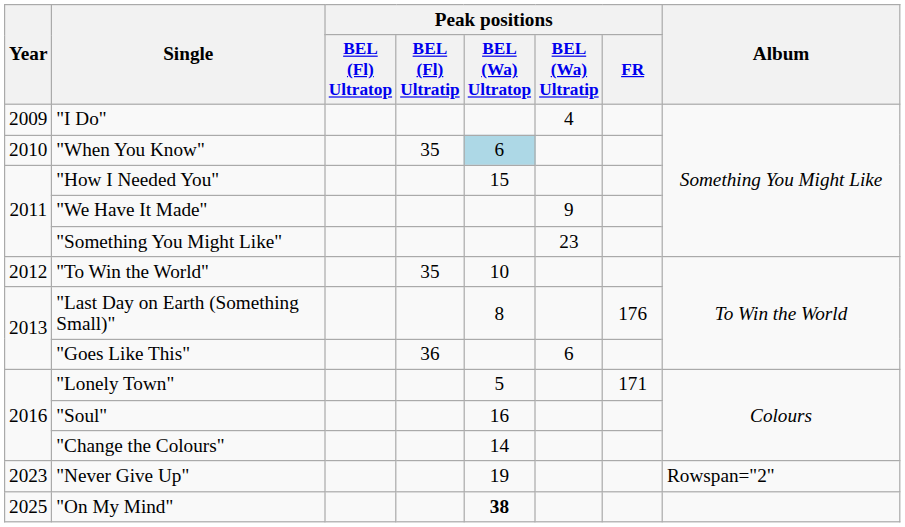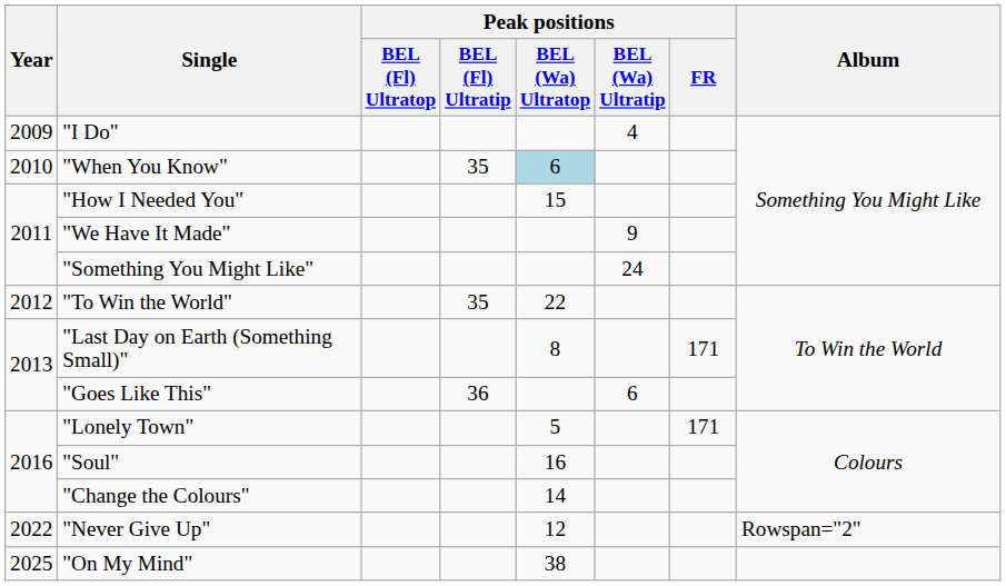 <table class="wikitable">
 <tr>
 <th align="center" rowspan="2" width="10">Year</th>
 <th align="center" rowspan="2" width="220">Single</th>
 <th align="center" colspan="5" width="30">Peak positions</th>
 <th align="center" rowspan="2" width="190">Album</th>
 </tr>
 <tr>
 <th scope="col" style="width:3em;font-size:90%;"><a href='#'>BEL <br>(Fl) <br> Ultratop</a><br></th>
 <th scope="col" style="width:3em;font-size:90%;"><a href='#'>BEL <br>(Fl) <br> Ultratip</a><br></th>
 <th scope="col" style="width:3em;font-size:90%;"><a href='#'>BEL <br>(Wa) <br> Ultratop</a><br></th>
 <th scope="col" style="width:3em;font-size:90%;"><a href='#'>BEL <br>(Wa) <br> Ultratip</a><br></th>
 <th scope="col" style="width:3em;font-size:90%;"><a href='#'>FR</a><br></th>
 </tr>
 <tr>
 <td align="center">2009</td>
 <td align="left">"I Do"</td>
 <td align="center"></td>
 <td align="center"></td>
 <td align="center"></td>
 <td align="center">4</td>
 <td align="center"></td>
 <td align="center" rowspan=5><em>Something You Might Like</em></td>
 </tr>
 <tr>
 <td align="center">2010</td>
 <td align="left">"When You Know"</td>
 <td align="center"></td>
 <td align="center">35</td>
 <td align="center" style="background: lightblue;">6</td>
 <td align="center"></td>
 <td align="center"></td>
 </tr>
 <tr>
 <td align="center" rowspan=3>2011</td>
 <td align="left">"How I Needed You"</td>
 <td align="center"></td>
 <td align="center"></td>
 <td align="center">15</td>
 <td align="center"></td>
 <td align="center"></td>
 </tr>
 <tr>
 <td align="left">"We Have It Made"</td>
 <td align="center"></td>
 <td align="center"></td>
 <td align="center"></td>
 <td align="center">9</td>
 <td align="center"></td>
 </tr>
 <tr>
 <td align="left">"Something You Might Like"</td>
 <td align="center"></td>
 <td align="center"></td>
 <td align="center"></td>
-<td align="center">23</td>
+<td align="center">24</td>
 <td align="center"></td>
 </tr>
 <tr>
 <td align="center">2012</td>
 <td align="left">"To Win the World"</td>
 <td align="center"></td>
 <td align="center">35</td>
-<td align="center">10</td>
+<td align="center">22</td>
 <td align="center"></td>
 <td align="center"></td>
 <td align="center" rowspan=3><em>To Win the World</em></td>
 </tr>
 <tr>
 <td align="center" rowspan=2>2013</td>
 <td align="left">"Last Day on Earth (Something Small)"</td>
 <td align="center"></td>
 <td align="center"></td>
 <td align="center">8</td>
 <td align="center"></td>
-<td align="center">176</td>
+<td align="center">171</td>
 </tr>
 <tr>
 <td align="left">"Goes Like This"</td>
 <td align="center"></td>
 <td align="center">36</td>
 <td align="center"></td>
 <td align="center">6</td>
 <td align="center"></td>
 </tr>
 <tr>
 <td align="center" rowspan=3>2016</td>
 <td align="left">"Lonely Town"</td>
 <td align="center"></td>
 <td align="center"></td>
 <td align="center">5</td>
 <td align="center"></td>
 <td align="center">171</td>
 <td align="center" rowspan=3><em>Colours</em></td>
 </tr>
 <tr>
 <td align="left">"Soul"</td>
 <td align="center"></td>
 <td align="center"></td>
 <td align="center">16</td>
 <td align="center"></td>
 <td align="center"></td>
 </tr>
 <tr>
 <td align="left">"Change the Colours"</td>
 <td align="center"></td>
 <td align="center"></td>
 <td align="center">14</td>
 <td align="center"></td>
 <td align="center"></td>
 </tr>
 <tr>
-<td align="center">2023</td>
+<td align="center">2022</td>
 <td align="left">"Never Give Up"</td>
 <td align="center"></td>
 <td align="center"></td>
-<td align="center">19</td>
+<td align="center">12</td>
 <td align="center"></td>
 <td align="center"></td>
 <td>Rowspan="2" </td>
 </tr>
 <tr>
 <td align="center">2025</td>
 <td align="left">"On My Mind"</td>
 <td align="center"></td>
 <td align="center"></td>
-<td align="center"><strong>38</strong></td>
+<td align="center">38</td>
 <td align="center"></td>
 <td align="center"></td>
 </tr>
 </table>
